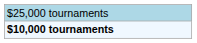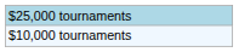 <table class="wikitable" width="12%" style="font-size:85%;">
 <tr style="background:lightblue;">
 <td>$25,000 tournaments</td>
 </tr>
 <tr bgcolor="#f0f8ff">
-<td><strong>$10,000 tournaments</strong></td>
+<td>$10,000 tournaments</td>
 </tr>
 </table>
